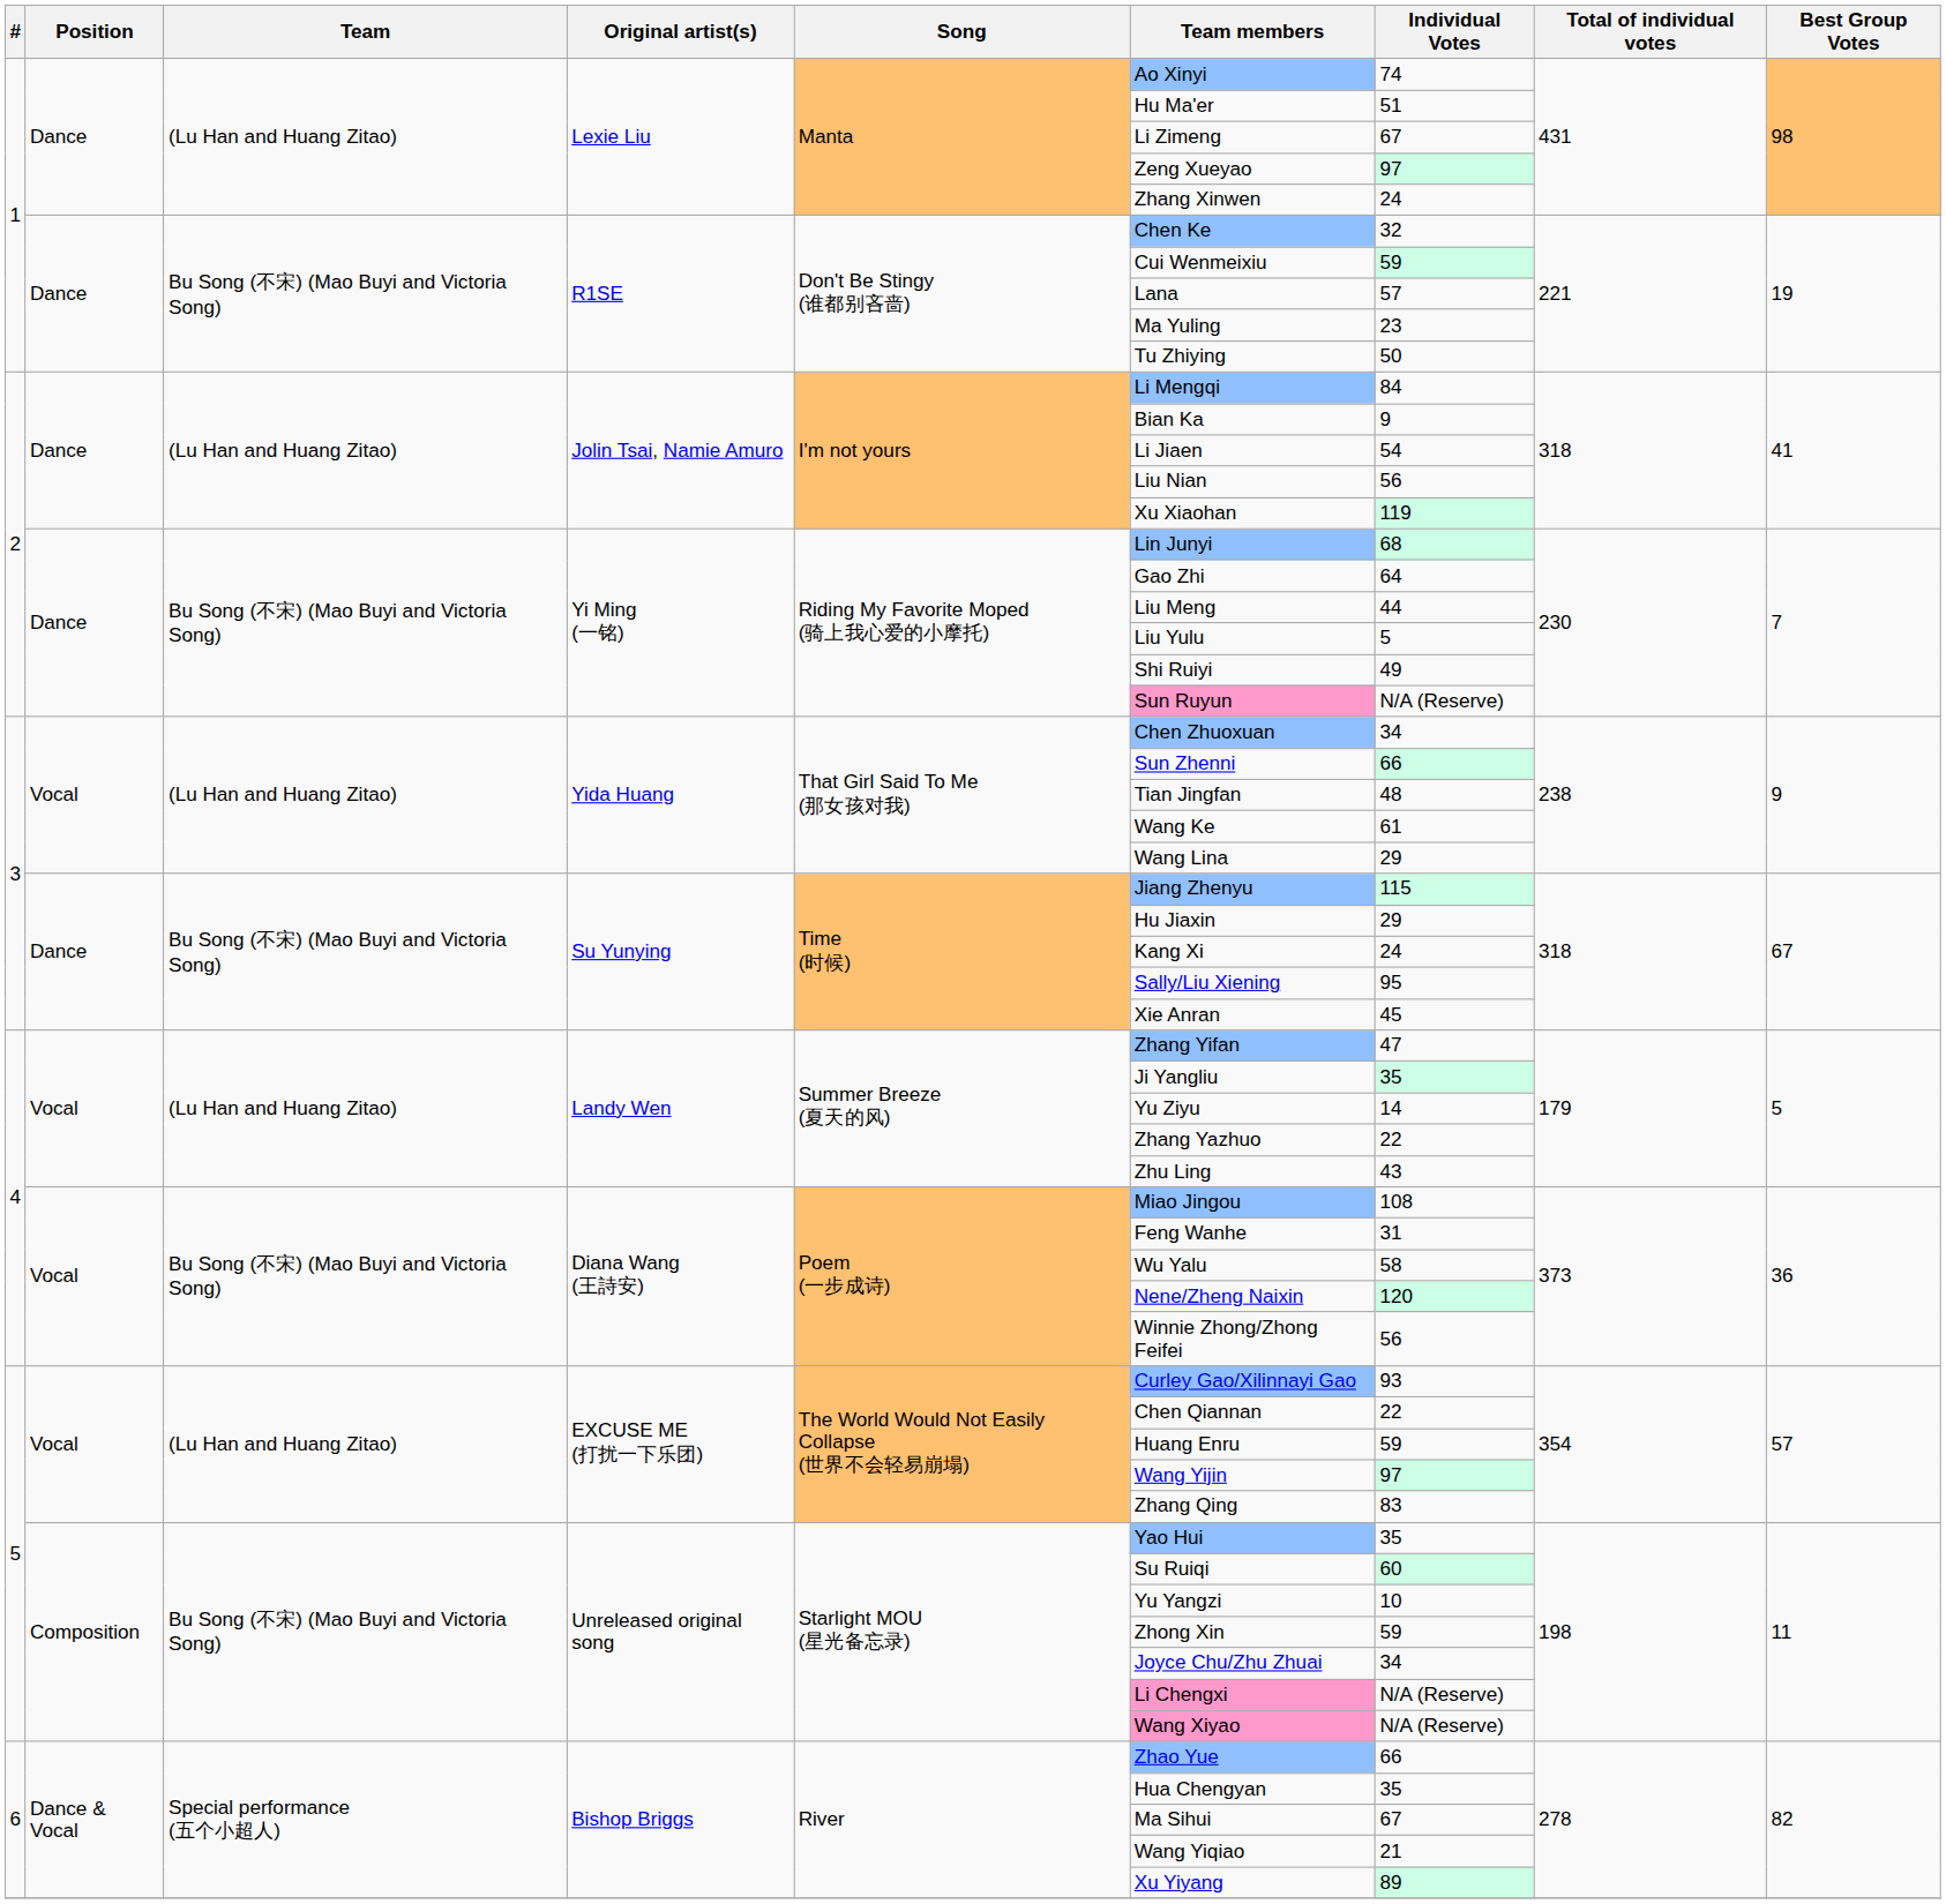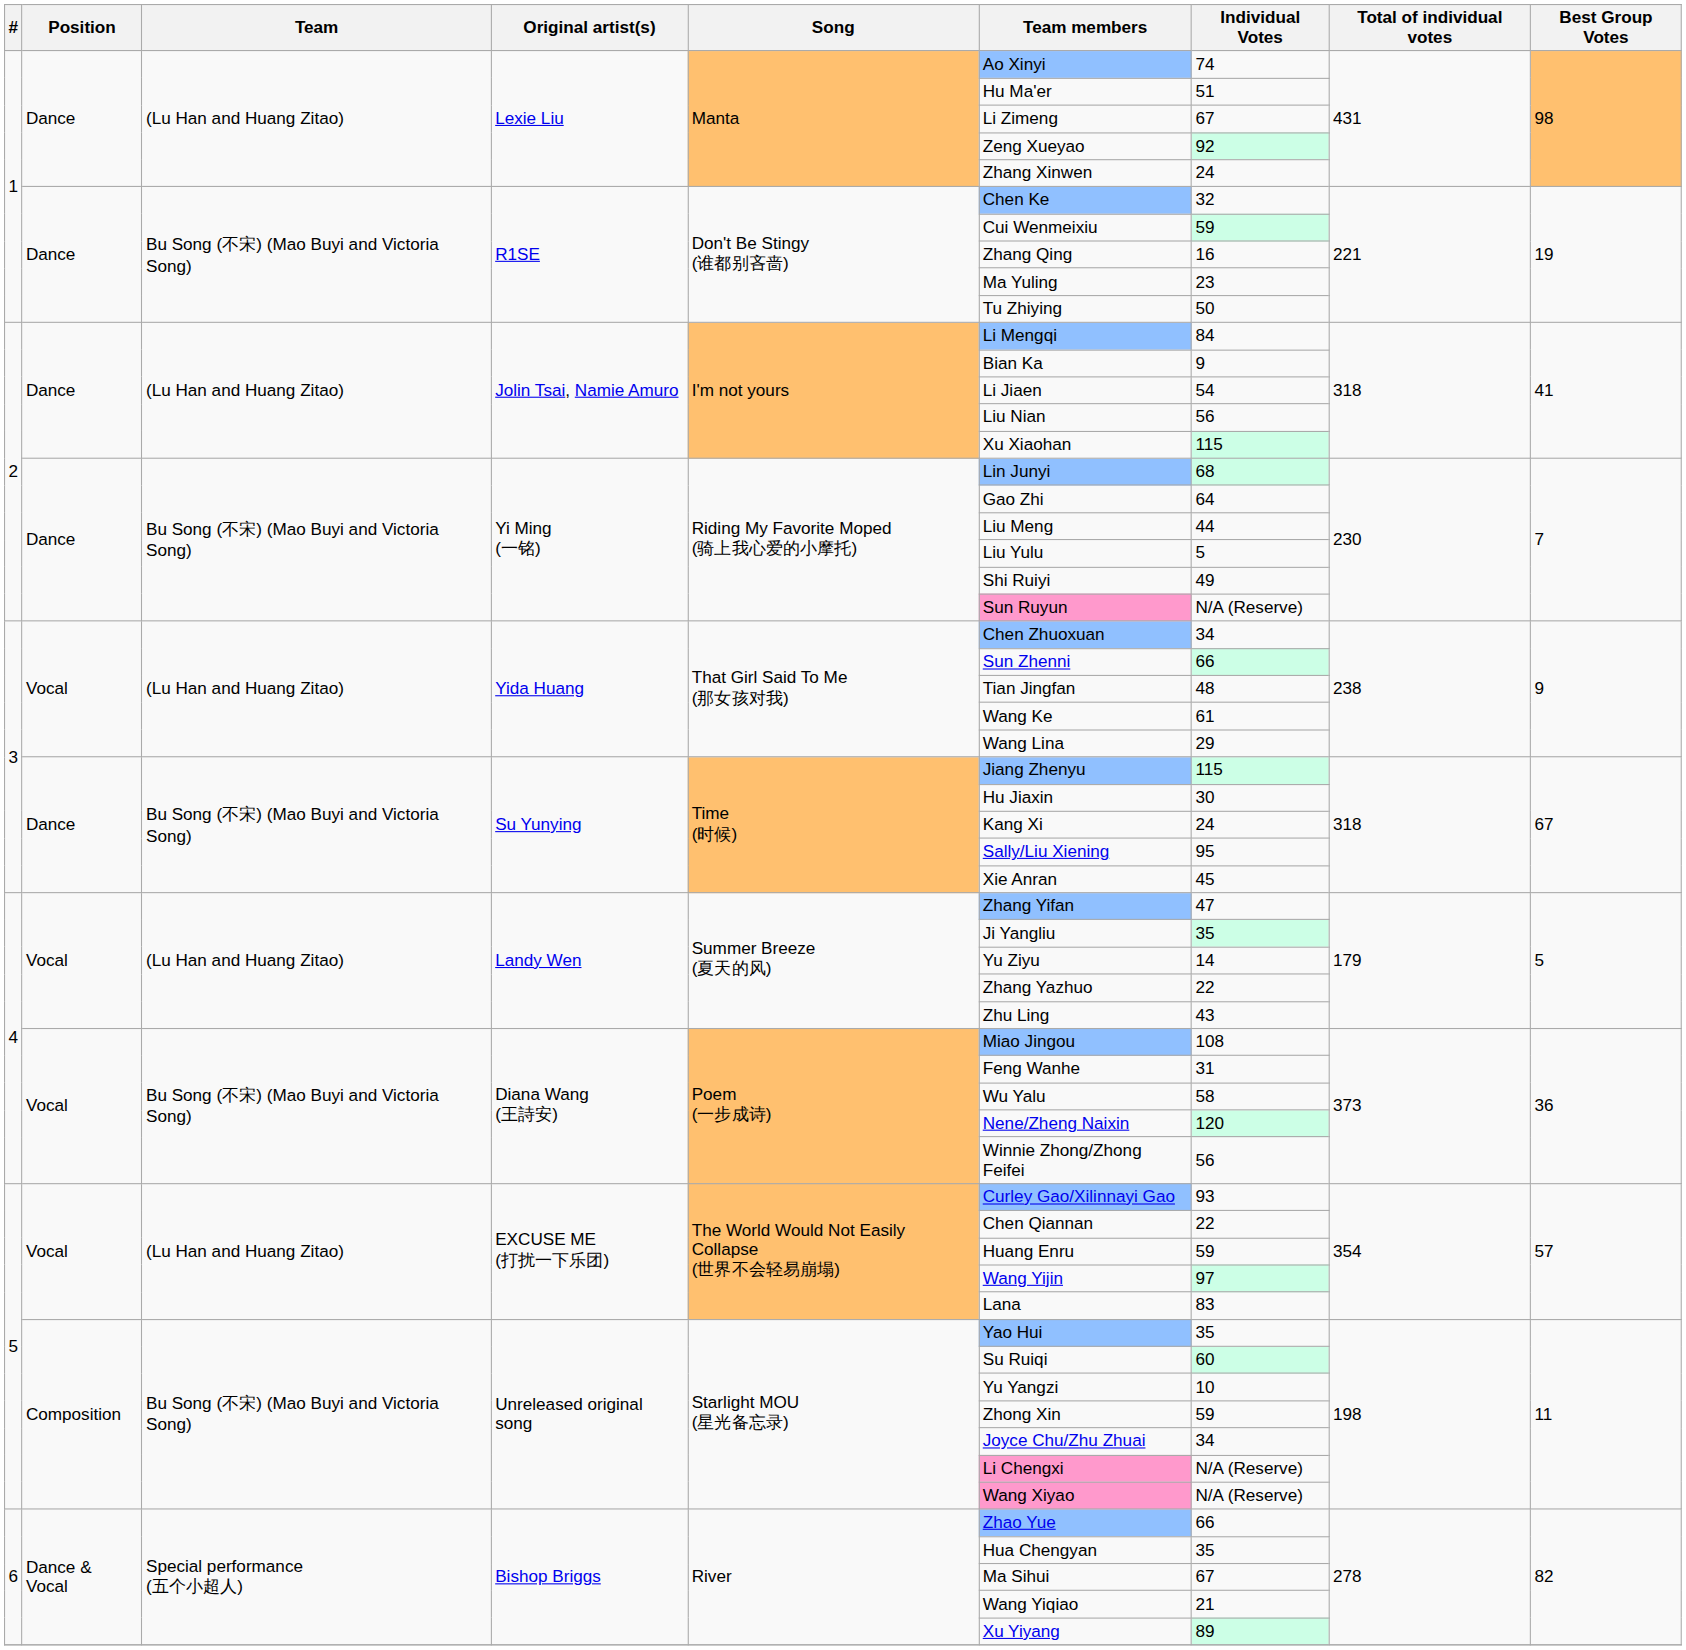 <table class="wikitable sortable">
 <tr>
 <th>#</th>
 <th>Position</th>
 <th>Team</th>
 <th>Original artist(s)</th>
 <th>Song</th>
 <th>Team members</th>
 <th>Individual Votes</th>
 <th>Total of individual votes</th>
 <th>Best Group Votes </th>
 </tr>
 <tr>
 <td rowspan="10">1</td>
 <td rowspan="5">Dance</td>
 <td rowspan="5"> (Lu Han and Huang Zitao)</td>
 <td rowspan="5"><a href='#'>Lexie Liu</a></td>
 <td rowspan="5" style="background:#FFC06F">Manta</td>
 <td style="background:#90C0FF">Ao Xinyi</td>
 <td>74</td>
 <td rowspan="5">431</td>
 <td rowspan="5" style="background:#FFC06F">98</td>
 </tr>
 <tr>
 <td>Hu Ma'er</td>
 <td>51</td>
 </tr>
 <tr>
 <td>Li Zimeng</td>
 <td>67</td>
 </tr>
 <tr>
 <td>Zeng Xueyao</td>
-<td style="background:#CCFFE6">97</td>
+<td style="background:#CCFFE6">92</td>
 </tr>
 <tr>
 <td>Zhang Xinwen</td>
 <td>24</td>
 </tr>
 <tr>
 <td rowspan="5”">Dance</td>
 <td rowspan="5">Bu Song (不宋) (Mao Buyi and Victoria Song)</td>
 <td rowspan="5"><a href='#'>R1SE</a></td>
 <td rowspan="5">Don't Be Stingy<br>(谁都别吝啬)</td>
 <td style="background:#90C0FF">Chen Ke</td>
 <td>32</td>
 <td rowspan="5">221</td>
 <td rowspan="5">19</td>
 </tr>
 <tr>
 <td>Cui Wenmeixiu</td>
 <td style="background:#CCFFE6">59</td>
 </tr>
 <tr>
-<td>Lana</td>
-<td>57</td>
+<td>Zhang Qing</td>
+<td>16</td>
 </tr>
 <tr>
 <td>Ma Yuling</td>
 <td>23</td>
 </tr>
 <tr>
 <td>Tu Zhiying</td>
 <td>50</td>
 </tr>
 <tr>
 <td rowspan="11">2</td>
 <td rowspan="5">Dance</td>
 <td rowspan="5"> (Lu Han and Huang Zitao)</td>
 <td rowspan="5"><a href='#'>Jolin Tsai</a>, <a href='#'>Namie Amuro</a></td>
 <td rowspan="5" style="background:#FFC06F">I'm not yours</td>
 <td style="background:#90C0FF">Li Mengqi</td>
 <td>84</td>
 <td rowspan="5">318</td>
 <td rowspan="5">41</td>
 </tr>
 <tr>
 <td>Bian Ka</td>
 <td>9</td>
 </tr>
 <tr>
 <td>Li Jiaen</td>
 <td>54</td>
 </tr>
 <tr>
 <td>Liu Nian</td>
 <td>56</td>
 </tr>
 <tr>
 <td>Xu Xiaohan</td>
-<td style="background:#CCFFE6">119</td>
+<td style="background:#CCFFE6">115</td>
 </tr>
 <tr>
 <td rowspan="6”">Dance</td>
 <td rowspan="6">Bu Song (不宋) (Mao Buyi and Victoria Song)</td>
 <td rowspan="6">Yi Ming<br>(一铭)</td>
 <td rowspan="6">Riding My Favorite Moped<br>(骑上我心爱的小摩托)</td>
 <td style="background:#90C0FF">Lin Junyi</td>
 <td style="background:#CCFFE6">68</td>
 <td rowspan="6">230</td>
 <td rowspan="6">7</td>
 </tr>
 <tr>
 <td>Gao Zhi</td>
 <td>64</td>
 </tr>
 <tr>
 <td>Liu Meng</td>
 <td>44</td>
 </tr>
 <tr>
 <td>Liu Yulu</td>
 <td>5</td>
 </tr>
 <tr>
 <td>Shi Ruiyi</td>
 <td>49</td>
 </tr>
 <tr>
 <td style="background:#FF99CC">Sun Ruyun</td>
 <td>N/A (Reserve)</td>
 </tr>
 <tr>
 <td rowspan="10">3</td>
 <td rowspan="5">Vocal</td>
 <td rowspan="5"> (Lu Han and Huang Zitao)</td>
 <td rowspan="5"><a href='#'>Yida Huang</a></td>
 <td rowspan="5">That Girl Said To Me<br>(那女孩对我)</td>
 <td style="background:#90C0FF">Chen Zhuoxuan</td>
 <td>34</td>
 <td rowspan="5">238</td>
 <td rowspan="5">9</td>
 </tr>
 <tr>
 <td><a href='#'>Sun Zhenni</a></td>
 <td style="background:#CCFFE6">66</td>
 </tr>
 <tr>
 <td>Tian Jingfan</td>
 <td>48</td>
 </tr>
 <tr>
 <td>Wang Ke</td>
 <td>61</td>
 </tr>
 <tr>
 <td>Wang Lina</td>
 <td>29</td>
 </tr>
 <tr>
 <td rowspan="5">Dance</td>
 <td rowspan="5">Bu Song (不宋) (Mao Buyi and Victoria Song)</td>
 <td rowspan="5"><a href='#'>Su Yunying</a></td>
 <td rowspan="5" style="background:#FFC06F">Time<br>(时候)</td>
 <td style="background:#90C0FF">Jiang Zhenyu</td>
 <td style="background:#CCFFE6">115</td>
 <td rowspan="5">318</td>
 <td rowspan="5">67</td>
 </tr>
 <tr>
 <td>Hu Jiaxin</td>
-<td>29</td>
+<td>30</td>
 </tr>
 <tr>
 <td>Kang Xi</td>
 <td>24</td>
 </tr>
 <tr>
 <td><a href='#'>Sally/Liu Xiening</a></td>
 <td>95</td>
 </tr>
 <tr>
 <td>Xie Anran</td>
 <td>45</td>
 </tr>
 <tr>
 <td rowspan="10">4</td>
 <td rowspan="5">Vocal</td>
 <td rowspan="5"> (Lu Han and Huang Zitao)</td>
 <td rowspan="5"><a href='#'>Landy Wen</a></td>
 <td rowspan="5">Summer Breeze<br>(夏天的风)</td>
 <td style="background:#90C0FF">Zhang Yifan</td>
 <td>47</td>
 <td rowspan="5">179</td>
 <td rowspan="5">5</td>
 </tr>
 <tr>
 <td>Ji Yangliu</td>
 <td style="background:#CCFFE6">35</td>
 </tr>
 <tr>
 <td>Yu Ziyu</td>
 <td>14</td>
 </tr>
 <tr>
 <td>Zhang Yazhuo</td>
 <td>22</td>
 </tr>
 <tr>
 <td>Zhu Ling</td>
 <td>43</td>
 </tr>
 <tr>
 <td rowspan="5">Vocal</td>
 <td rowspan="5">Bu Song (不宋) (Mao Buyi and Victoria Song)</td>
 <td rowspan="5">Diana Wang<br>(王詩安)</td>
 <td rowspan="5" style="background:#FFC06F">Poem<br>(一步成诗)</td>
 <td style="background:#90C0FF">Miao Jingou</td>
 <td>108</td>
 <td rowspan="5">373</td>
 <td rowspan="5">36</td>
 </tr>
 <tr>
 <td>Feng Wanhe</td>
 <td>31</td>
 </tr>
 <tr>
 <td>Wu Yalu</td>
 <td>58</td>
 </tr>
 <tr>
 <td><a href='#'>Nene/Zheng Naixin</a></td>
 <td style="background:#CCFFE6">120</td>
 </tr>
 <tr>
 <td>Winnie Zhong/Zhong Feifei</td>
 <td>56</td>
 </tr>
 <tr>
 <td rowspan="12">5</td>
 <td rowspan="5">Vocal</td>
 <td rowspan="5"> (Lu Han and Huang Zitao)</td>
 <td rowspan="5">EXCUSE ME<br>(打扰一下乐团)</td>
 <td rowspan="5" style="background:#FFC06F">The World Would Not Easily Collapse<br>(世界不会轻易崩塌)</td>
 <td style="background:#90C0FF"><a href='#'>Curley Gao/Xilinnayi Gao</a></td>
 <td>93</td>
 <td rowspan="5">354</td>
 <td rowspan="5">57</td>
 </tr>
 <tr>
 <td>Chen Qiannan</td>
 <td>22</td>
 </tr>
 <tr>
 <td>Huang Enru</td>
 <td>59</td>
 </tr>
 <tr>
 <td><a href='#'>Wang Yijin</a></td>
 <td style="background:#CCFFE6">97</td>
 </tr>
 <tr>
-<td>Zhang Qing</td>
+<td>Lana</td>
 <td>83</td>
 </tr>
 <tr>
 <td rowspan="7">Composition</td>
 <td rowspan="7">Bu Song (不宋) (Mao Buyi and Victoria Song)</td>
 <td rowspan="7">Unreleased original song</td>
 <td rowspan="7">Starlight MOU<br>(星光备忘录)</td>
 <td style="background:#90C0FF">Yao Hui</td>
 <td>35</td>
 <td rowspan="7">198</td>
 <td rowspan="7">11</td>
 </tr>
 <tr>
 <td>Su Ruiqi</td>
 <td style="background:#CCFFE6">60</td>
 </tr>
 <tr>
 <td>Yu Yangzi</td>
 <td>10</td>
 </tr>
 <tr>
 <td>Zhong Xin</td>
 <td>59</td>
 </tr>
 <tr>
 <td><a href='#'>Joyce Chu/Zhu Zhuai</a></td>
 <td>34</td>
 </tr>
 <tr>
 <td style="background:#FF99CC">Li Chengxi</td>
 <td>N/A (Reserve)</td>
 </tr>
 <tr>
 <td style="background:#FF99CC">Wang Xiyao</td>
 <td>N/A (Reserve)</td>
 </tr>
 <tr>
 <td rowspan="5">6</td>
 <td rowspan="5">Dance & Vocal</td>
 <td rowspan="5">Special performance<br>(五个小超人)</td>
 <td rowspan="5"><a href='#'>Bishop Briggs</a></td>
 <td rowspan="5">River</td>
 <td style="background:#90C0FF"><a href='#'>Zhao Yue</a></td>
 <td>66</td>
 <td rowspan="5">278</td>
 <td rowspan="5">82</td>
 </tr>
 <tr>
 <td>Hua Chengyan</td>
 <td>35</td>
 </tr>
 <tr>
 <td>Ma Sihui</td>
 <td>67</td>
 </tr>
 <tr>
 <td>Wang Yiqiao</td>
 <td>21</td>
 </tr>
 <tr>
 <td><a href='#'>Xu Yiyang</a></td>
 <td style="background:#CCFFE6">89</td>
 </tr>
 <tr>
 </tr>
 </table>
